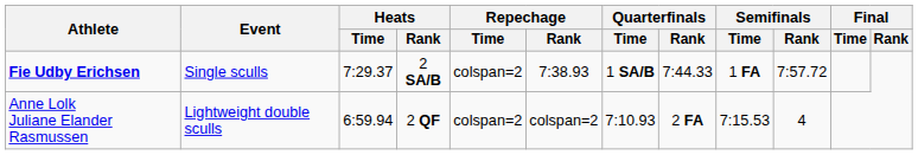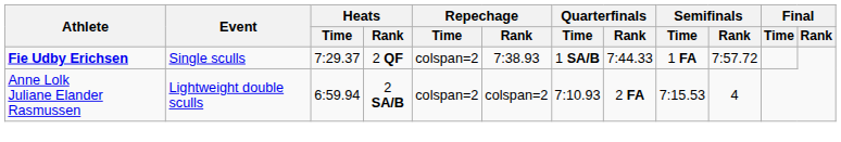 <table class="wikitable" style="font-size:90%">
 <tr>
 <th rowspan="2">Athlete</th>
 <th rowspan="2">Event</th>
 <th colspan="2">Heats</th>
 <th colspan="2">Repechage</th>
 <th colspan=2>Quarterfinals</th>
 <th colspan="2">Semifinals</th>
 <th colspan="3">Final</th>
 </tr>
 <tr style="font-size:95%">
 <th>Time</th>
 <th>Rank</th>
 <th>Time</th>
 <th>Rank</th>
 <th>Time</th>
 <th>Rank</th>
 <th>Time</th>
 <th>Rank</th>
 <th>Time</th>
 <th>Rank</th>
 </tr>
 <tr align=center>
 <td align=left><strong><a href='#'>Fie Udby Erichsen</a></strong></td>
 <td align=left><a href='#'>Single sculls</a></td>
 <td>7:29.37</td>
-<td>2 <strong>SA/B</strong></td>
+<td>2 <strong>QF</strong></td>
 <td>colspan=2 </td>
 <td>7:38.93</td>
 <td>1 <strong>SA/B</strong></td>
 <td>7:44.33</td>
 <td>1 <strong>FA</strong></td>
 <td>7:57.72</td>
 <td></td>
 </tr>
 <tr align=center>
 <td align=left><a href='#'>Anne Lolk</a><br><a href='#'>Juliane Elander Rasmussen</a></td>
 <td align=left><a href='#'>Lightweight double sculls</a></td>
 <td>6:59.94</td>
-<td>2 <strong>QF</strong></td>
+<td>2 <strong>SA/B</strong></td>
 <td>colspan=2 </td>
 <td>colspan=2 </td>
 <td>7:10.93</td>
 <td>2 <strong>FA</strong></td>
 <td>7:15.53</td>
 <td>4</td>
 </tr>
 </table>
